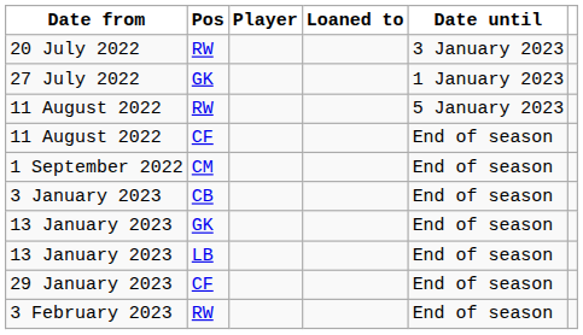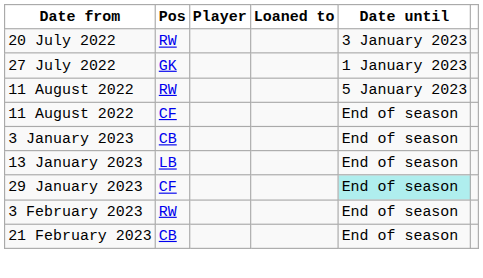 <table class="wikitable plainrowheaders sortable">
 <tr>
 <th style="background-color:#FFFFFF; color:#000000; ">Date from</th>
 <th style="background-color:#FFFFFF; color:#000000; ">Pos</th>
 <th style="background-color:#FFFFFF; color:#000000; ">Player</th>
 <th style="background-color:#FFFFFF; color:#000000; ">Loaned to</th>
 <th style="background-color:#FFFFFF; color:#000000; ">Date until</th>
 <th style="background-color:#FFFFFF; color:#000000; "></th>
 </tr>
 <tr>
 <td>20 July 2022</td>
 <td><a href='#'>RW</a></td>
 <td></td>
 <td></td>
 <td>3 January 2023</td>
 <td></td>
 </tr>
 <tr>
 <td>27 July 2022</td>
 <td><a href='#'>GK</a></td>
 <td></td>
 <td></td>
 <td>1 January 2023</td>
 <td></td>
 </tr>
 <tr>
 <td>11 August 2022</td>
 <td><a href='#'>RW</a></td>
 <td></td>
 <td></td>
 <td>5 January 2023</td>
 <td></td>
 </tr>
 <tr>
 <td>11 August 2022</td>
 <td><a href='#'>CF</a></td>
 <td></td>
 <td></td>
 <td>End of season</td>
 <td></td>
 </tr>
 <tr>
-<td>1 September 2022</td>
-<td><a href='#'>CM</a></td>
-<td></td>
-<td></td>
-<td>End of season</td>
-<td></td>
-</tr>
-<tr>
 <td>3 January 2023</td>
 <td><a href='#'>CB</a></td>
-<td></td>
-<td></td>
-<td>End of season</td>
-<td></td>
-</tr>
-<tr>
-<td>13 January 2023</td>
-<td><a href='#'>GK</a></td>
 <td></td>
 <td></td>
 <td>End of season</td>
 <td></td>
 </tr>
 <tr>
 <td>13 January 2023</td>
 <td><a href='#'>LB</a></td>
 <td></td>
 <td></td>
 <td>End of season</td>
 <td></td>
 </tr>
 <tr>
 <td>29 January 2023</td>
 <td><a href='#'>CF</a></td>
 <td></td>
 <td></td>
-<td>End of season</td>
+<td style="background: paleturquoise;">End of season</td>
 <td></td>
 </tr>
 <tr>
 <td>3 February 2023</td>
 <td><a href='#'>RW</a></td>
 <td></td>
 <td></td>
 <td>End of season</td>
 <td></td>
 </tr>
+<tr>
+<td>21 February 2023</td>
+<td><a href='#'>CB</a></td>
+<td></td>
+<td></td>
+<td>End of season</td>
+<td></td>
+</tr>
 </table>
